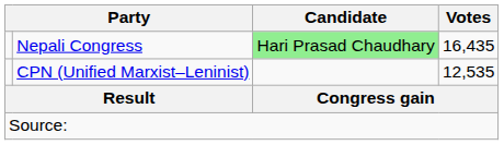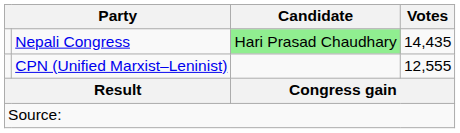 <table class="wikitable">
 <tr>
 <th colspan="2">Party</th>
 <th>Candidate</th>
 <th>Votes</th>
 </tr>
 <tr>
 <td style="background-color:"></td>
 <td><a href='#'>Nepali Congress</a></td>
 <td style="background: lightgreen;">Hari Prasad Chaudhary</td>
-<td>16,435</td>
+<td>14,435</td>
 </tr>
 <tr>
 <td style="background-color:"></td>
 <td><a href='#'>CPN (Unified Marxist–Leninist)</a></td>
 <td></td>
-<td>12,535</td>
+<td>12,555</td>
 </tr>
 <tr>
 <th colspan="2">Result</th>
 <th colspan="2">Congress gain</th>
 </tr>
 <tr>
 <td colspan="4">Source: </td>
 </tr>
 </table>
